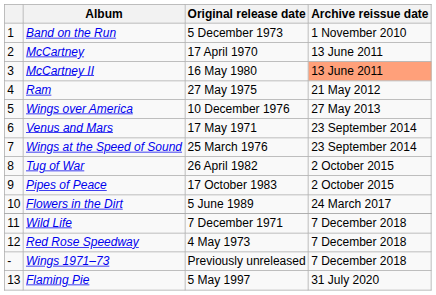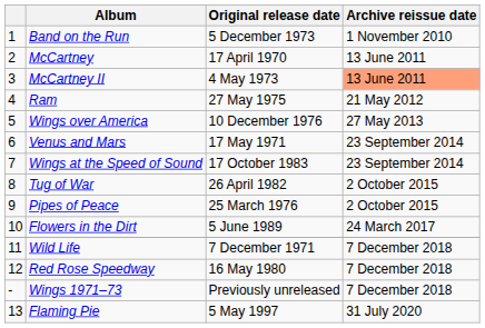 <table class="wikitable sortable">
 <tr>
 <th></th>
 <th>Album</th>
 <th>Original release date</th>
 <th>Archive reissue date</th>
 </tr>
 <tr>
 <td>1</td>
 <td><em><a href='#'>Band on the Run</a></em></td>
 <td>5 December 1973</td>
 <td>1 November 2010</td>
 </tr>
 <tr>
 <td>2</td>
 <td><em><a href='#'>McCartney</a></em></td>
 <td>17 April 1970</td>
 <td>13 June 2011</td>
 </tr>
 <tr>
 <td>3</td>
 <td><em><a href='#'>McCartney II</a></em></td>
-<td>16 May 1980</td>
+<td>4 May 1973</td>
 <td style="background: lightsalmon;">13 June 2011</td>
 </tr>
 <tr>
 <td>4</td>
 <td><em><a href='#'>Ram</a></em></td>
 <td>27 May 1975</td>
 <td>21 May 2012</td>
 </tr>
 <tr>
 <td>5</td>
 <td><em><a href='#'>Wings over America</a></em></td>
 <td>10 December 1976</td>
 <td>27 May 2013</td>
 </tr>
 <tr>
 <td>6</td>
 <td><em><a href='#'>Venus and Mars</a></em></td>
 <td>17 May 1971</td>
 <td>23 September 2014</td>
 </tr>
 <tr>
 <td>7</td>
 <td><em><a href='#'>Wings at the Speed of Sound</a></em></td>
-<td>25 March 1976</td>
+<td>17 October 1983</td>
 <td>23 September 2014</td>
 </tr>
 <tr>
 <td>8</td>
 <td><em><a href='#'>Tug of War</a></em></td>
 <td>26 April 1982</td>
 <td>2 October 2015</td>
 </tr>
 <tr>
 <td>9</td>
 <td><em><a href='#'>Pipes of Peace</a></em></td>
-<td>17 October 1983</td>
+<td>25 March 1976</td>
 <td>2 October 2015</td>
 </tr>
 <tr>
 <td>10</td>
 <td><em><a href='#'>Flowers in the Dirt</a></em></td>
 <td>5 June 1989</td>
 <td>24 March 2017</td>
 </tr>
 <tr>
 </tr>
 <tr>
 <td>11</td>
 <td><em><a href='#'>Wild Life</a></em></td>
 <td>7 December 1971</td>
 <td>7 December 2018</td>
 </tr>
 <tr>
 <td>12</td>
 <td><em><a href='#'>Red Rose Speedway</a></em></td>
-<td>4 May 1973</td>
+<td>16 May 1980</td>
 <td>7 December 2018</td>
 </tr>
 <tr>
 <td>-</td>
 <td><em><a href='#'>Wings 1971–73</a></em></td>
 <td>Previously unreleased</td>
 <td>7 December 2018</td>
 </tr>
 <tr>
 <td>13</td>
 <td><em><a href='#'>Flaming Pie</a></em></td>
 <td>5 May 1997</td>
 <td>31 July 2020</td>
 </tr>
 </table>
